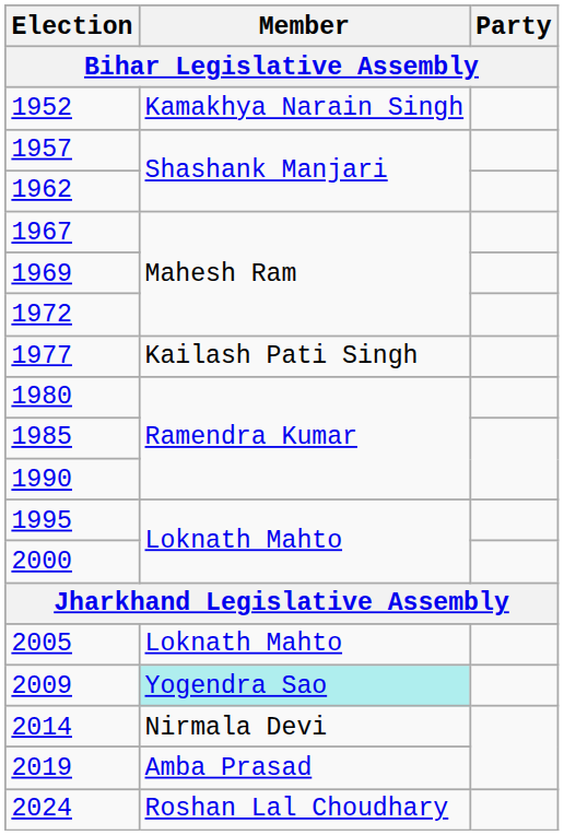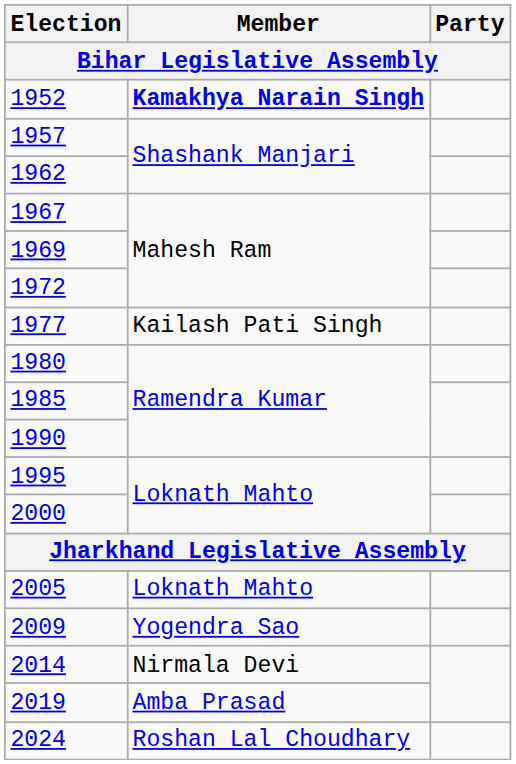 <table class="wikitable sortable">
 <tr>
 <th>Election</th>
 <th>Member</th>
 <th colspan=2>Party</th>
 </tr>
 <tr>
 <th colspan=4><a href='#'>Bihar Legislative Assembly</a></th>
 </tr>
 <tr>
 <td><a href='#'>1952</a></td>
-<td><a href='#'>Kamakhya Narain Singh</a></td>
+<td><strong><a href='#'>Kamakhya Narain Singh</a></strong></td>
 <td></td>
 </tr>
 <tr>
 <td><a href='#'>1957</a></td>
 <td rowspan=2><a href='#'>Shashank Manjari</a></td>
 </tr>
 <tr>
 <td><a href='#'>1962</a></td>
 <td></td>
 </tr>
 <tr>
 <td><a href='#'>1967</a></td>
 <td rowspan=3>Mahesh Ram</td>
 <td></td>
 </tr>
 <tr>
 <td><a href='#'>1969</a></td>
 <td></td>
 </tr>
 <tr>
 <td><a href='#'>1972</a></td>
 <td></td>
 </tr>
 <tr>
 <td><a href='#'>1977</a></td>
 <td>Kailash Pati Singh</td>
 <td></td>
 </tr>
 <tr>
 <td><a href='#'>1980</a></td>
 <td rowspan=3><a href='#'>Ramendra Kumar</a></td>
 <td></td>
 </tr>
 <tr>
 <td><a href='#'>1985</a></td>
 </tr>
 <tr>
 <td><a href='#'>1990</a></td>
 </tr>
 <tr>
 <td><a href='#'>1995</a></td>
 <td rowspan=2><a href='#'>Loknath Mahto</a></td>
 <td></td>
 </tr>
 <tr>
 <td><a href='#'>2000</a></td>
 </tr>
 <tr>
 <th colspan=4><a href='#'>Jharkhand Legislative Assembly</a></th>
 </tr>
 <tr>
 <td><a href='#'>2005</a></td>
 <td><a href='#'>Loknath Mahto</a></td>
 <td></td>
 </tr>
 <tr>
 <td><a href='#'>2009</a></td>
-<td style="background: paleturquoise;"><a href='#'>Yogendra Sao</a></td>
+<td><a href='#'>Yogendra Sao</a></td>
 <td></td>
 </tr>
 <tr>
 <td><a href='#'>2014</a></td>
 <td>Nirmala Devi</td>
 </tr>
 <tr>
 <td><a href='#'>2019</a></td>
 <td><a href='#'>Amba Prasad</a></td>
 </tr>
 <tr>
 <td><a href='#'>2024</a></td>
 <td><a href='#'>Roshan Lal Choudhary</a></td>
 <td></td>
 </tr>
 </table>
